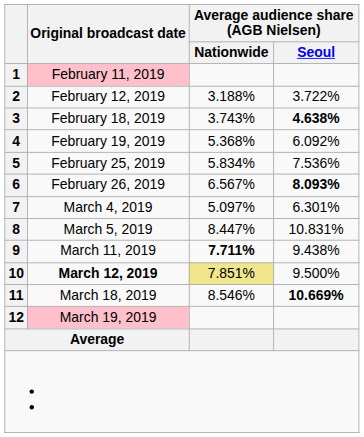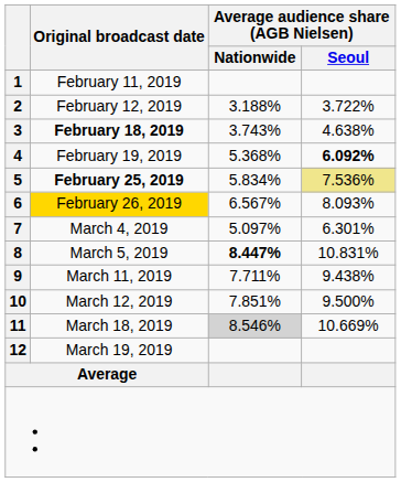 <table class="wikitable" style="text-align:center;max-width:450px; margin-left: auto; margin-right: auto; border: none;">
 <tr>
 </tr>
 <tr>
 <th rowspan="2"></th>
 <th rowspan="2">Original broadcast date</th>
 <th colspan="2">Average audience share<br>(AGB Nielsen)</th>
 </tr>
 <tr>
 <th width="90">Nationwide</th>
 <th width="90"><a href='#'>Seoul</a></th>
 </tr>
 <tr>
 <th>1</th>
-<td style="background: pink;">February 11, 2019</td>
+<td>February 11, 2019</td>
 <td></td>
 <td></td>
 </tr>
 <tr>
 <th>2</th>
 <td>February 12, 2019</td>
 <td>3.188%</td>
 <td>3.722%</td>
 </tr>
 <tr>
 <th>3</th>
-<td>February 18, 2019</td>
+<td><strong>February 18, 2019</strong></td>
 <td>3.743%</td>
-<td><strong>4.638%</strong></td>
+<td>4.638%</td>
 </tr>
 <tr>
 <th>4</th>
 <td>February 19, 2019</td>
 <td>5.368%</td>
-<td>6.092%</td>
+<td><strong>6.092%</strong></td>
 </tr>
 <tr>
 <th>5</th>
-<td>February 25, 2019</td>
+<td><strong>February 25, 2019</strong></td>
 <td>5.834%</td>
-<td>7.536%</td>
+<td style="background: khaki;">7.536%</td>
 </tr>
 <tr>
 <th>6</th>
-<td>February 26, 2019</td>
+<td style="background: gold;">February 26, 2019</td>
 <td>6.567%</td>
-<td><strong>8.093%</strong></td>
+<td>8.093%</td>
 </tr>
 <tr>
 <th>7</th>
 <td>March 4, 2019</td>
 <td>5.097%</td>
 <td>6.301%</td>
 </tr>
 <tr>
 <th>8</th>
 <td>March 5, 2019</td>
-<td>8.447%</td>
+<td><strong>8.447%</strong></td>
 <td>10.831%</td>
 </tr>
 <tr>
 <th>9</th>
 <td>March 11, 2019</td>
-<td><strong>7.711%</strong></td>
+<td>7.711%</td>
 <td>9.438%</td>
 </tr>
 <tr>
 <th>10</th>
-<td><strong>March 12, 2019</strong></td>
-<td style="background: khaki;">7.851%</td>
+<td>March 12, 2019</td>
+<td>7.851%</td>
 <td>9.500%</td>
 </tr>
 <tr>
 <th>11</th>
 <td>March 18, 2019</td>
-<td>8.546%</td>
-<td><strong>10.669%</strong></td>
+<td style="background: lightgrey;">8.546%</td>
+<td>10.669%</td>
 </tr>
 <tr>
 <th>12</th>
-<td style="background: pink;">March 19, 2019</td>
+<td>March 19, 2019</td>
 <td></td>
 <td></td>
 </tr>
 <tr>
 <th colspan="2">Average</th>
 <th></th>
 <th></th>
 </tr>
 <tr>
 <td colspan="6"><br><ul><li></li><li></li></ul></td>
 </tr>
 </table>
